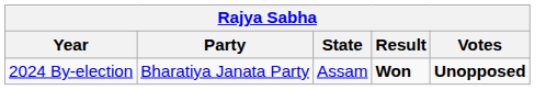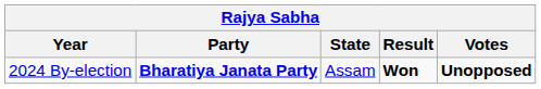 <table class="wikitable">
 <tr>
 <th colspan="5"><a href='#'>Rajya Sabha</a></th>
 </tr>
 <tr>
 <th>Year</th>
 <th>Party</th>
 <th>State</th>
 <th>Result</th>
 <th>Votes</th>
 </tr>
 <tr>
 <td><a href='#'>2024 By-election</a></td>
-<td><a href='#'>Bharatiya Janata Party</a></td>
+<td><strong><a href='#'>Bharatiya Janata Party</a></strong></td>
 <td><a href='#'>Assam</a></td>
 <td><strong>Won</strong></td>
 <td><strong>Unopposed</strong></td>
 </tr>
 </table>
